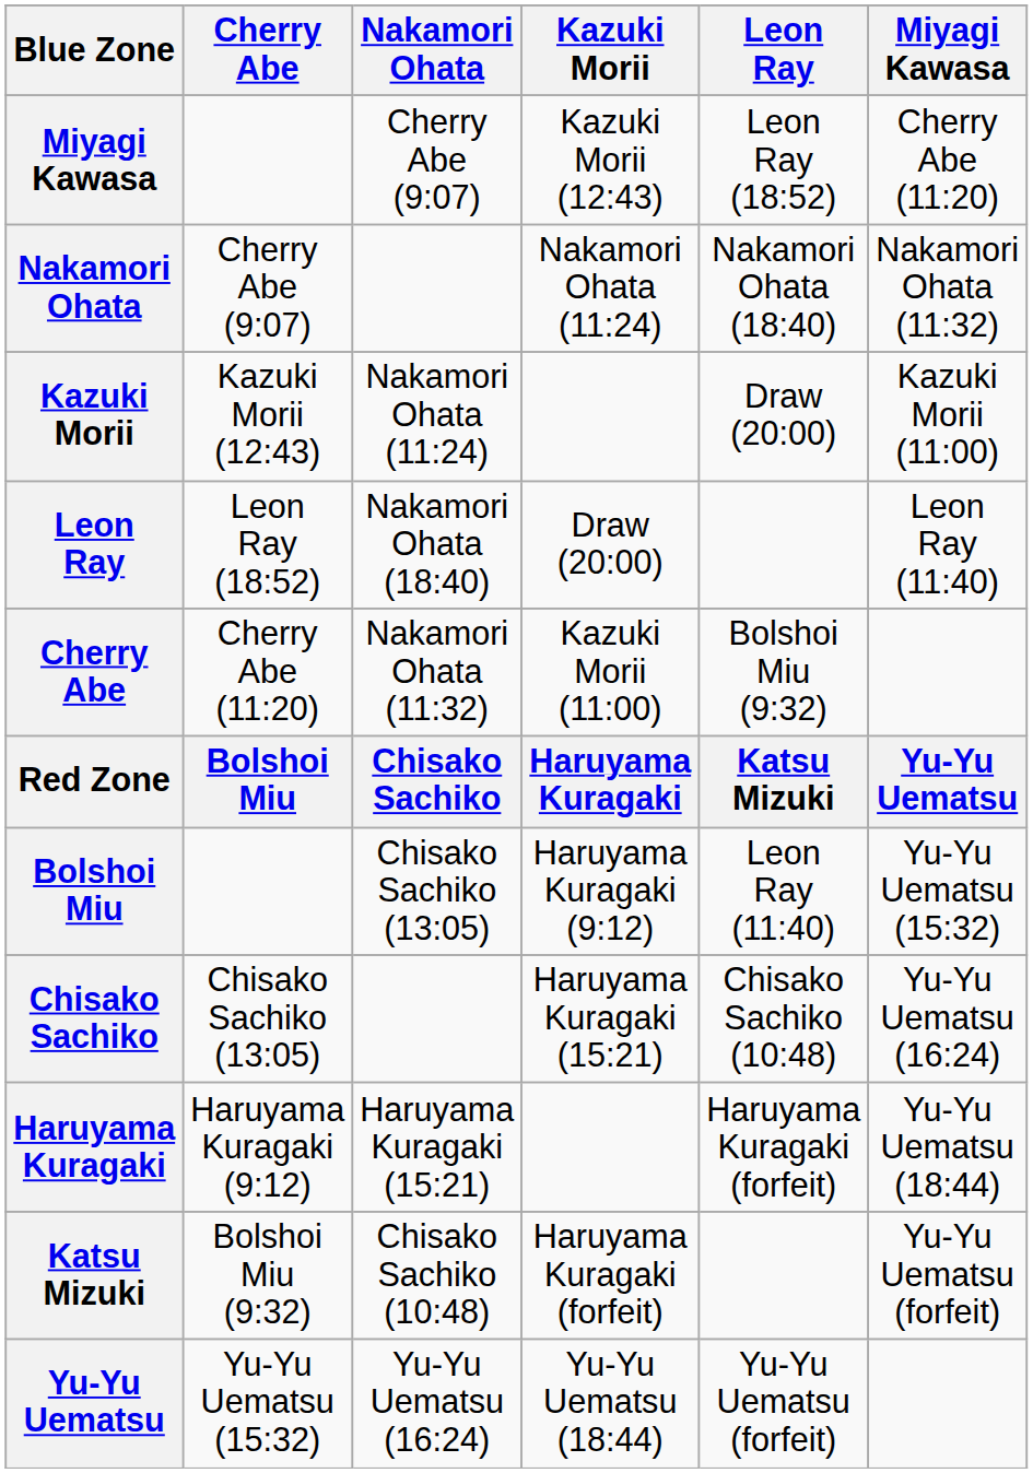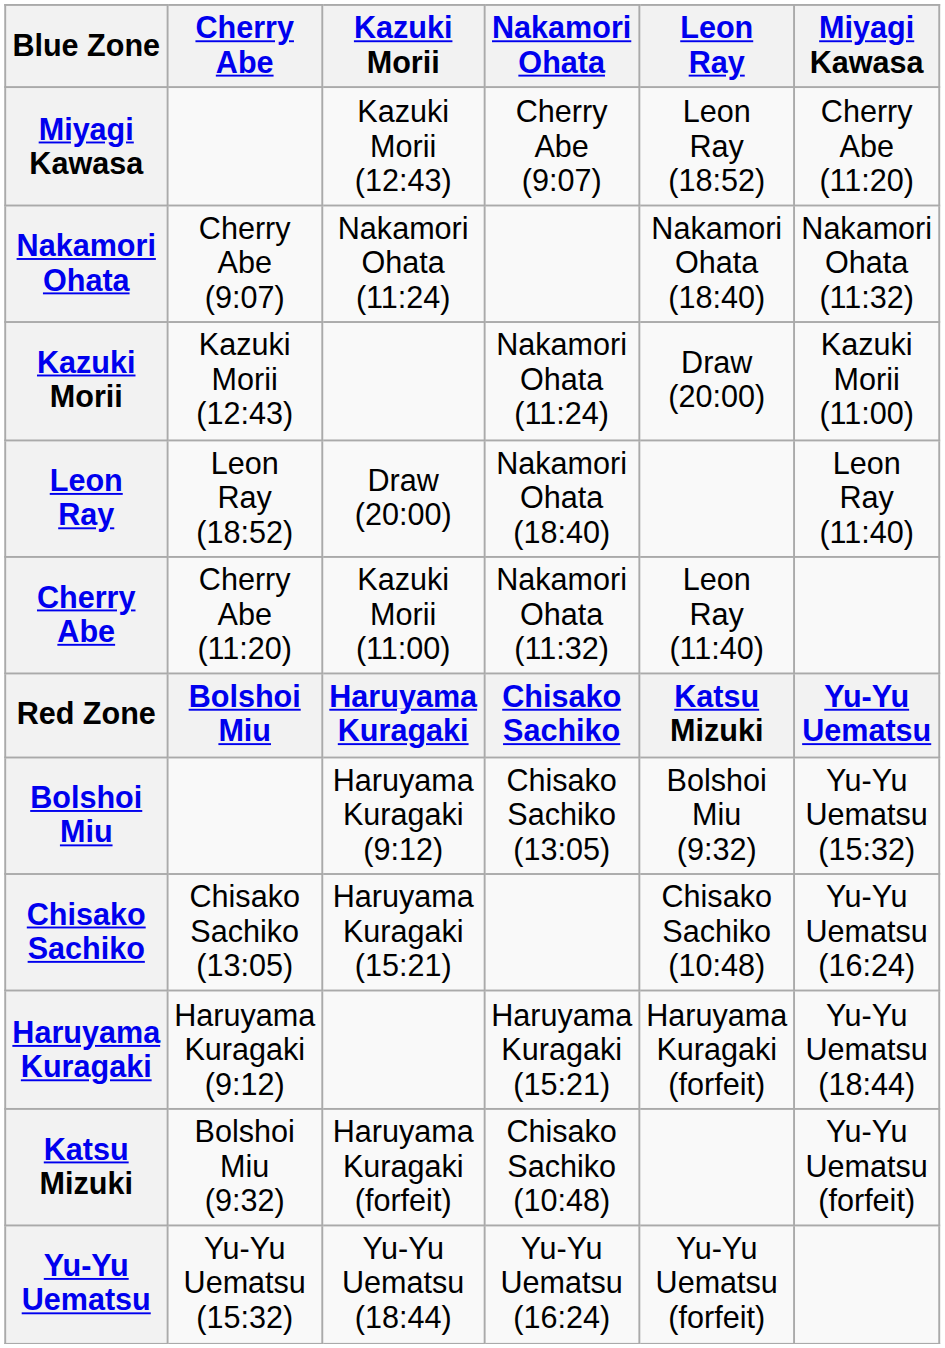 <table class="wikitable" style="text-align:center; margin: 1em auto 1em auto">
 <tr>
 <th>Blue Zone</th>
 <th><a href='#'>Cherry</a><br><a href='#'>Abe</a></th>
+<th><a href='#'>Kazuki</a><br>Morii</th>
 <th><a href='#'>Nakamori</a><br><a href='#'>Ohata</a></th>
-<th><a href='#'>Kazuki</a><br>Morii</th>
 <th><a href='#'>Leon</a><br><a href='#'>Ray</a></th>
 <th><a href='#'>Miyagi</a><br>Kawasa</th>
 </tr>
 <tr>
 <th><a href='#'>Miyagi</a><br>Kawasa</th>
 <td></td>
+<td>Kazuki<br>Morii<br>(12:43)</td>
 <td>Cherry<br>Abe<br>(9:07)</td>
-<td>Kazuki<br>Morii<br>(12:43)</td>
 <td>Leon<br>Ray<br>(18:52)</td>
 <td>Cherry<br>Abe<br>(11:20)</td>
 </tr>
 <tr>
 <th><a href='#'>Nakamori</a><br><a href='#'>Ohata</a></th>
 <td>Cherry<br>Abe<br>(9:07)</td>
+<td>Nakamori<br>Ohata<br>(11:24)</td>
 <td></td>
-<td>Nakamori<br>Ohata<br>(11:24)</td>
 <td>Nakamori<br>Ohata<br>(18:40)</td>
 <td>Nakamori<br>Ohata<br>(11:32)</td>
 </tr>
 <tr>
 <th><a href='#'>Kazuki</a><br>Morii</th>
 <td>Kazuki<br>Morii<br>(12:43)</td>
+<td></td>
 <td>Nakamori<br>Ohata<br>(11:24)</td>
-<td></td>
 <td>Draw<br>(20:00)</td>
 <td>Kazuki<br>Morii<br>(11:00)</td>
 </tr>
 <tr>
 <th><a href='#'>Leon</a><br><a href='#'>Ray</a></th>
 <td>Leon<br>Ray<br>(18:52)</td>
+<td>Draw<br>(20:00)</td>
 <td>Nakamori<br>Ohata<br>(18:40)</td>
-<td>Draw<br>(20:00)</td>
 <td></td>
 <td>Leon<br>Ray<br>(11:40)</td>
 </tr>
 <tr>
 <th><a href='#'>Cherry</a><br><a href='#'>Abe</a></th>
 <td>Cherry<br>Abe<br>(11:20)</td>
+<td>Kazuki<br>Morii<br>(11:00)</td>
 <td>Nakamori<br>Ohata<br>(11:32)</td>
-<td>Kazuki<br>Morii<br>(11:00)</td>
-<td>Bolshoi<br>Miu<br>(9:32)</td>
+<td>Leon<br>Ray<br>(11:40)</td>
 <td></td>
 </tr>
 <tr>
 <th>Red Zone</th>
 <th><a href='#'>Bolshoi</a><br><a href='#'>Miu</a></th>
+<th><a href='#'>Haruyama</a><br><a href='#'>Kuragaki</a></th>
 <th><a href='#'>Chisako</a><br><a href='#'>Sachiko</a></th>
-<th><a href='#'>Haruyama</a><br><a href='#'>Kuragaki</a></th>
 <th><a href='#'>Katsu</a><br>Mizuki</th>
 <th><a href='#'>Yu-Yu</a><br><a href='#'>Uematsu</a></th>
 </tr>
 <tr>
 <th><a href='#'>Bolshoi</a><br><a href='#'>Miu</a></th>
 <td></td>
+<td>Haruyama<br>Kuragaki<br>(9:12)</td>
 <td>Chisako<br>Sachiko<br>(13:05)</td>
-<td>Haruyama<br>Kuragaki<br>(9:12)</td>
-<td>Leon<br>Ray<br>(11:40)</td>
+<td>Bolshoi<br>Miu<br>(9:32)</td>
 <td>Yu-Yu<br>Uematsu<br>(15:32)</td>
 </tr>
 <tr>
 <th><a href='#'>Chisako</a><br><a href='#'>Sachiko</a></th>
 <td>Chisako<br>Sachiko<br>(13:05)</td>
+<td>Haruyama<br>Kuragaki<br>(15:21)</td>
 <td></td>
-<td>Haruyama<br>Kuragaki<br>(15:21)</td>
 <td>Chisako<br>Sachiko<br>(10:48)</td>
 <td>Yu-Yu<br>Uematsu<br>(16:24)</td>
 </tr>
 <tr>
 <th><a href='#'>Haruyama</a><br><a href='#'>Kuragaki</a></th>
 <td>Haruyama<br>Kuragaki<br>(9:12)</td>
+<td></td>
 <td>Haruyama<br>Kuragaki<br>(15:21)</td>
-<td></td>
 <td>Haruyama<br>Kuragaki<br>(forfeit)</td>
 <td>Yu-Yu<br>Uematsu<br>(18:44)</td>
 </tr>
 <tr>
 <th><a href='#'>Katsu</a><br>Mizuki</th>
 <td>Bolshoi<br>Miu<br>(9:32)</td>
+<td>Haruyama<br>Kuragaki<br>(forfeit)</td>
 <td>Chisako<br>Sachiko<br>(10:48)</td>
-<td>Haruyama<br>Kuragaki<br>(forfeit)</td>
 <td></td>
 <td>Yu-Yu<br>Uematsu<br>(forfeit)</td>
 </tr>
 <tr>
 <th><a href='#'>Yu-Yu</a><br><a href='#'>Uematsu</a></th>
 <td>Yu-Yu<br>Uematsu<br>(15:32)</td>
+<td>Yu-Yu<br>Uematsu<br>(18:44)</td>
 <td>Yu-Yu<br>Uematsu<br>(16:24)</td>
-<td>Yu-Yu<br>Uematsu<br>(18:44)</td>
 <td>Yu-Yu<br>Uematsu<br>(forfeit)</td>
 <td></td>
 </tr>
 </table>
